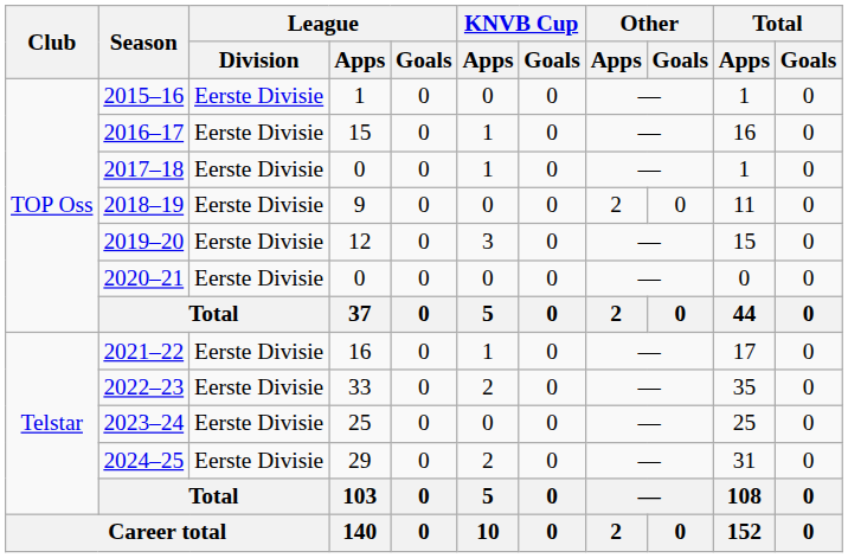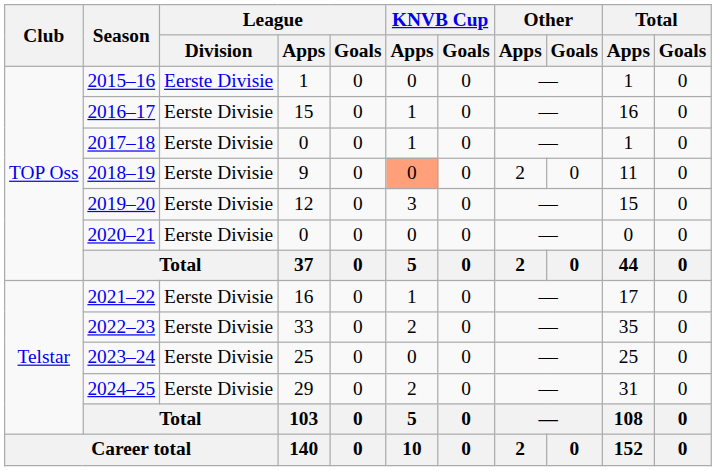 <table class="wikitable" style="text-align:center">
 <tr>
 <th rowspan="2">Club</th>
 <th rowspan="2">Season</th>
 <th colspan="3">League</th>
 <th colspan="2"><a href='#'>KNVB Cup</a></th>
 <th colspan="2">Other</th>
 <th colspan="2">Total</th>
 </tr>
 <tr>
 <th>Division</th>
 <th>Apps</th>
 <th>Goals</th>
 <th>Apps</th>
 <th>Goals</th>
 <th>Apps</th>
 <th>Goals</th>
 <th>Apps</th>
 <th>Goals</th>
 </tr>
 <tr>
 <td rowspan="7"><a href='#'>TOP Oss</a></td>
 <td><a href='#'>2015–16</a></td>
 <td><a href='#'>Eerste Divisie</a></td>
 <td>1</td>
 <td>0</td>
 <td>0</td>
 <td>0</td>
 <td colspan="2">—</td>
 <td>1</td>
 <td>0</td>
 </tr>
 <tr>
 <td><a href='#'>2016–17</a></td>
 <td>Eerste Divisie</td>
 <td>15</td>
 <td>0</td>
 <td>1</td>
 <td>0</td>
 <td colspan="2">—</td>
 <td>16</td>
 <td>0</td>
 </tr>
 <tr>
 <td><a href='#'>2017–18</a></td>
 <td>Eerste Divisie</td>
 <td>0</td>
 <td>0</td>
 <td>1</td>
 <td>0</td>
 <td colspan="2">—</td>
 <td>1</td>
 <td>0</td>
 </tr>
 <tr>
 <td><a href='#'>2018–19</a></td>
 <td>Eerste Divisie</td>
 <td>9</td>
 <td>0</td>
-<td>0</td>
+<td style="background: lightsalmon;">0</td>
 <td>0</td>
 <td>2</td>
 <td>0</td>
 <td>11</td>
 <td>0</td>
 </tr>
 <tr>
 <td><a href='#'>2019–20</a></td>
 <td>Eerste Divisie</td>
 <td>12</td>
 <td>0</td>
 <td>3</td>
 <td>0</td>
 <td colspan="2">—</td>
 <td>15</td>
 <td>0</td>
 </tr>
 <tr>
 <td><a href='#'>2020–21</a></td>
 <td>Eerste Divisie</td>
 <td>0</td>
 <td>0</td>
 <td>0</td>
 <td>0</td>
 <td colspan="2">—</td>
 <td>0</td>
 <td>0</td>
 </tr>
 <tr>
 <th colspan="2">Total</th>
 <th>37</th>
 <th>0</th>
 <th>5</th>
 <th>0</th>
 <th>2</th>
 <th>0</th>
 <th>44</th>
 <th>0</th>
 </tr>
 <tr>
 <td rowspan="5"><a href='#'>Telstar</a></td>
 <td><a href='#'>2021–22</a></td>
 <td>Eerste Divisie</td>
 <td>16</td>
 <td>0</td>
 <td>1</td>
 <td>0</td>
 <td colspan="2">—</td>
 <td>17</td>
 <td>0</td>
 </tr>
 <tr>
 <td><a href='#'>2022–23</a></td>
 <td>Eerste Divisie</td>
 <td>33</td>
 <td>0</td>
 <td>2</td>
 <td>0</td>
 <td colspan="2">—</td>
 <td>35</td>
 <td>0</td>
 </tr>
 <tr>
 <td><a href='#'>2023–24</a></td>
 <td>Eerste Divisie</td>
 <td>25</td>
 <td>0</td>
 <td>0</td>
 <td>0</td>
 <td colspan="2">—</td>
 <td>25</td>
 <td>0</td>
 </tr>
 <tr>
 <td><a href='#'>2024–25</a></td>
 <td>Eerste Divisie</td>
 <td>29</td>
 <td>0</td>
 <td>2</td>
 <td>0</td>
 <td colspan="2">—</td>
 <td>31</td>
 <td>0</td>
 </tr>
 <tr>
 <th colspan="2">Total</th>
 <th>103</th>
 <th>0</th>
 <th>5</th>
 <th>0</th>
 <th colspan="2">—</th>
 <th>108</th>
 <th>0</th>
 </tr>
 <tr>
 <th colspan="3">Career total</th>
 <th>140</th>
 <th>0</th>
 <th>10</th>
 <th>0</th>
 <th>2</th>
 <th>0</th>
 <th>152</th>
 <th>0</th>
 </tr>
 </table>
